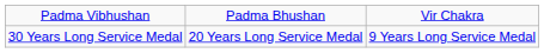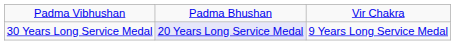 <table class="wikitable" style="margin:1em auto; text-align:center;">
 <tr>
 <td><a href='#'>Padma Vibhushan</a></td>
 <td><a href='#'>Padma Bhushan</a></td>
 <td><a href='#'>Vir Chakra</a></td>
 </tr>
 <tr>
 <td><a href='#'>30 Years Long Service Medal</a></td>
-<td><a href='#'>20 Years Long Service Medal</a></td>
+<td style="background: lavender;"><a href='#'>20 Years Long Service Medal</a></td>
 <td><a href='#'>9 Years Long Service Medal</a></td>
 </tr>
 </table>
